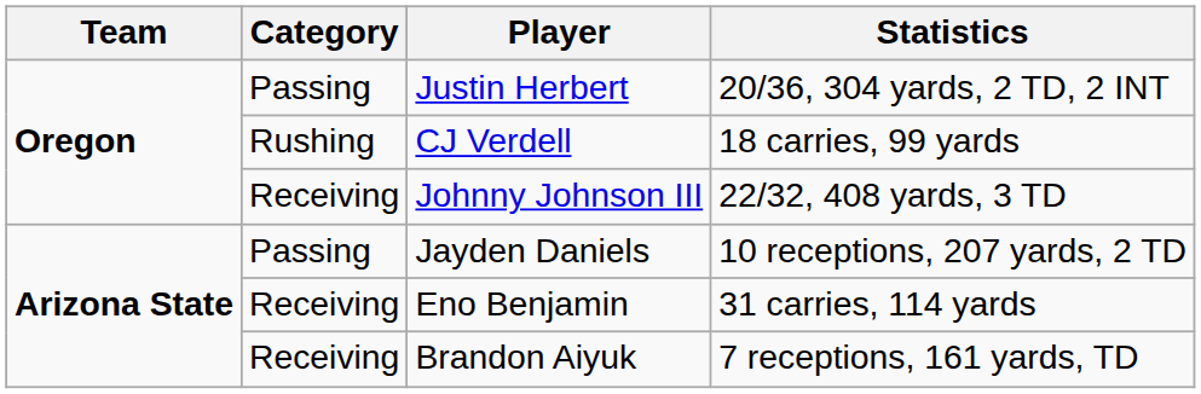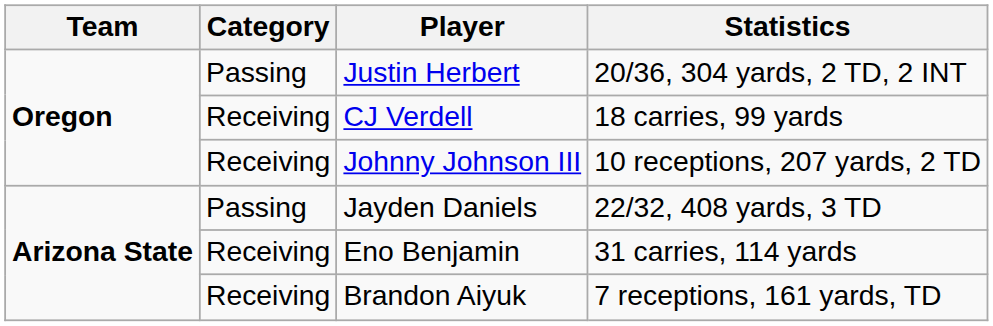 <table class="wikitable" style="float: right;">
 <tr>
 <th>Team</th>
 <th>Category</th>
 <th>Player</th>
 <th>Statistics</th>
 </tr>
 <tr>
 <td rowspan=3><strong>Oregon</strong></td>
 <td>Passing</td>
 <td><a href='#'>Justin Herbert</a></td>
 <td>20/36, 304 yards, 2 TD, 2 INT</td>
 </tr>
 <tr>
-<td>Rushing</td>
+<td>Receiving</td>
 <td><a href='#'>CJ Verdell</a></td>
 <td>18 carries, 99 yards</td>
 </tr>
 <tr>
 <td>Receiving</td>
 <td><a href='#'>Johnny Johnson III</a></td>
-<td>22/32, 408 yards, 3 TD</td>
+<td>10 receptions, 207 yards, 2 TD</td>
 </tr>
 <tr>
 <td rowspan=3><strong>Arizona State</strong></td>
 <td>Passing</td>
 <td>Jayden Daniels</td>
-<td>10 receptions, 207 yards, 2 TD</td>
+<td>22/32, 408 yards, 3 TD</td>
 </tr>
 <tr>
 <td>Receiving</td>
 <td>Eno Benjamin</td>
 <td>31 carries, 114 yards</td>
 </tr>
 <tr>
 <td>Receiving</td>
 <td>Brandon Aiyuk</td>
 <td>7 receptions, 161 yards, TD</td>
 </tr>
 </table>
